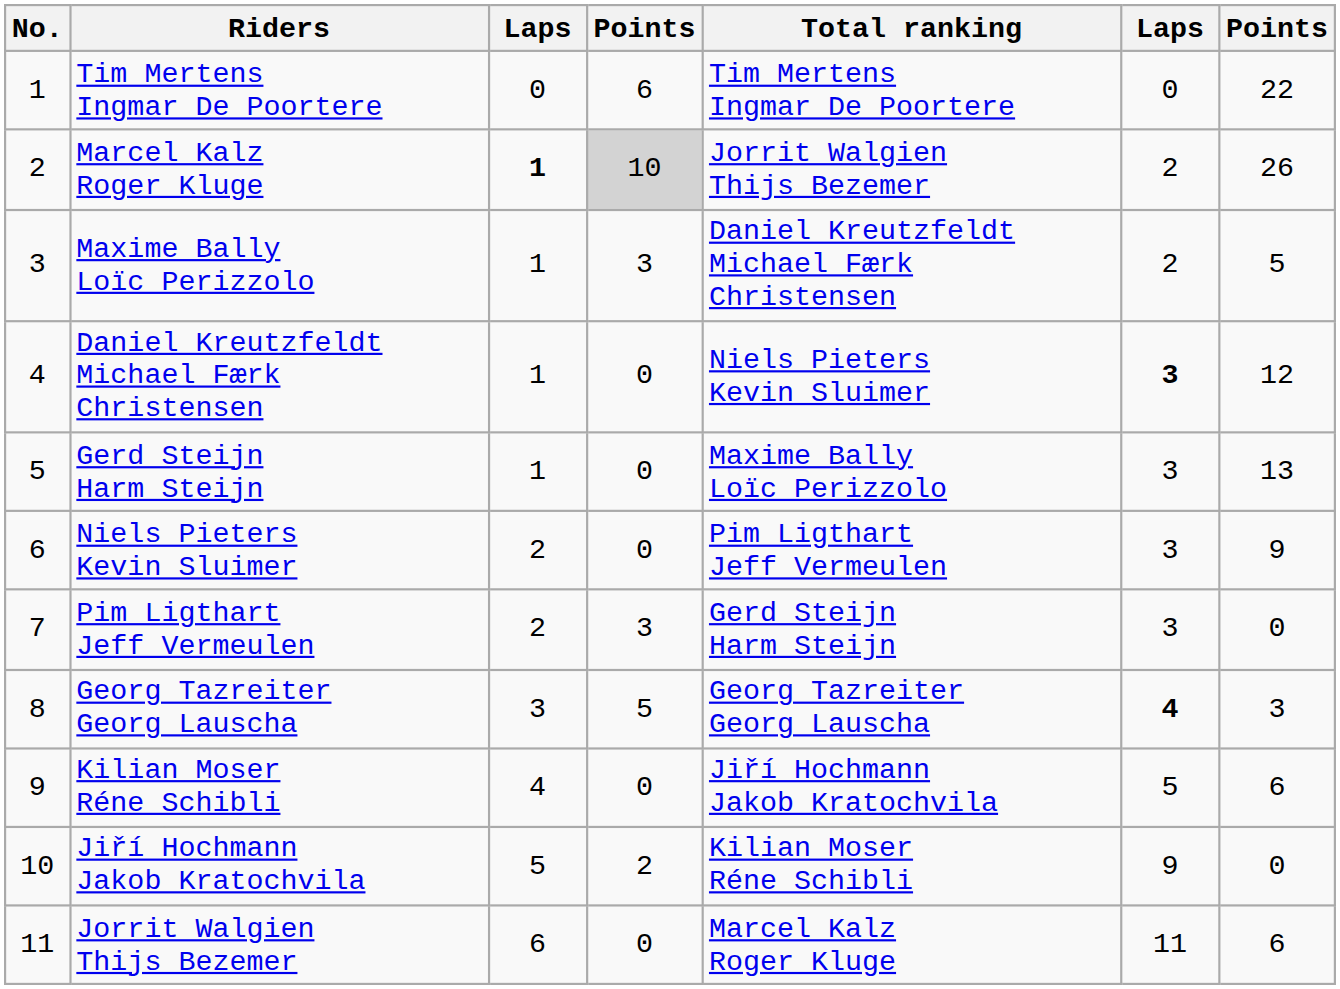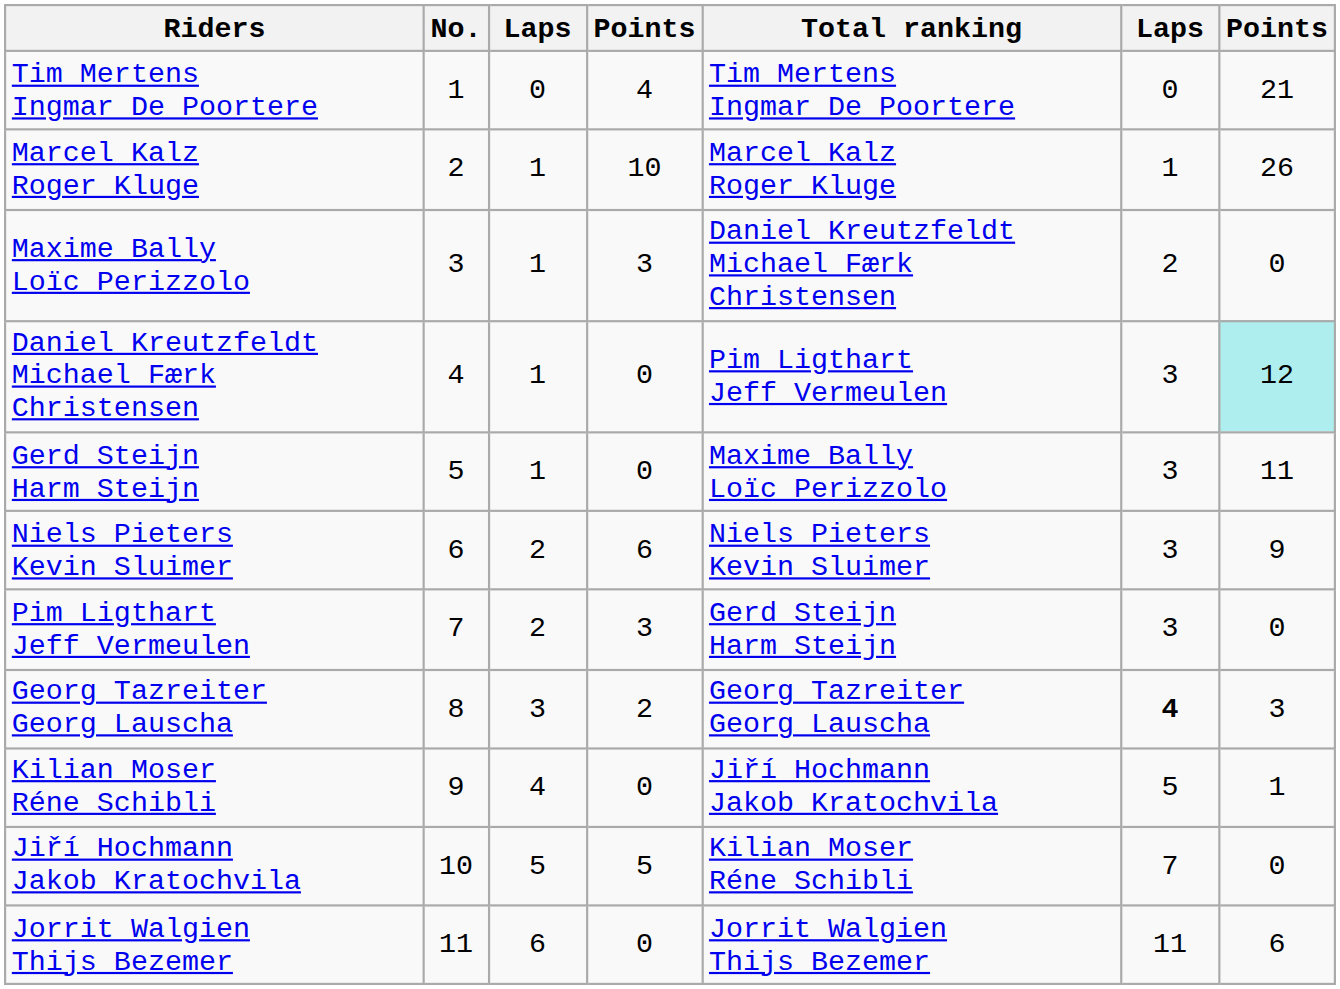 <table class="wikitable">
 <tr>
+<th width="200px">Riders</th>
 <th width="20px">No.</th>
-<th width="200px">Riders</th>
 <th width="40px">Laps</th>
 <th width="40px">Points</th>
 <th width="200px">Total ranking</th>
 <th width="40px">Laps</th>
 <th width="40px">Points</th>
 </tr>
 <tr align=center>
+<td align=left> <a href='#'>Tim Mertens</a><br>  <a href='#'>Ingmar De Poortere</a></td>
 <td>1</td>
+<td>0</td>
+<td>4</td>
 <td align=left> <a href='#'>Tim Mertens</a><br>  <a href='#'>Ingmar De Poortere</a></td>
 <td>0</td>
-<td>6</td>
-<td align=left> <a href='#'>Tim Mertens</a><br>  <a href='#'>Ingmar De Poortere</a></td>
-<td>0</td>
-<td>22</td>
+<td>21</td>
 </tr>
 <tr align=center>
+<td align=left> <a href='#'>Marcel Kalz</a><br>  <a href='#'>Roger Kluge</a></td>
 <td>2</td>
+<td>1</td>
+<td>10</td>
 <td align=left> <a href='#'>Marcel Kalz</a><br>  <a href='#'>Roger Kluge</a></td>
-<td><strong>1</strong></td>
-<td style="background: lightgrey;">10</td>
-<td align=left> <a href='#'>Jorrit Walgien</a><br>  <a href='#'>Thijs Bezemer</a></td>
-<td>2</td>
+<td>1</td>
 <td>26</td>
 </tr>
 <tr align=center>
+<td align=left> <a href='#'>Maxime Bally</a><br>  <a href='#'>Loïc Perizzolo</a></td>
 <td>3</td>
-<td align=left> <a href='#'>Maxime Bally</a><br>  <a href='#'>Loïc Perizzolo</a></td>
 <td>1</td>
 <td>3</td>
 <td align=left> <a href='#'>Daniel Kreutzfeldt</a><br>  <a href='#'>Michael Færk Christensen</a></td>
 <td>2</td>
-<td>5</td>
+<td>0</td>
 </tr>
 <tr align=center>
+<td align=left> <a href='#'>Daniel Kreutzfeldt</a><br>  <a href='#'>Michael Færk Christensen</a></td>
 <td>4</td>
-<td align=left> <a href='#'>Daniel Kreutzfeldt</a><br>  <a href='#'>Michael Færk Christensen</a></td>
 <td>1</td>
 <td>0</td>
-<td align=left> <a href='#'>Niels Pieters</a><br>  <a href='#'>Kevin Sluimer</a></td>
-<td><strong>3</strong></td>
-<td>12</td>
+<td align=left> <a href='#'>Pim Ligthart</a><br>  <a href='#'>Jeff Vermeulen</a></td>
+<td>3</td>
+<td style="background: paleturquoise;">12</td>
 </tr>
 <tr align=center>
+<td align=left> <a href='#'>Gerd Steijn</a><br>  <a href='#'>Harm Steijn</a></td>
 <td>5</td>
-<td align=left> <a href='#'>Gerd Steijn</a><br>  <a href='#'>Harm Steijn</a></td>
 <td>1</td>
 <td>0</td>
 <td align=left> <a href='#'>Maxime Bally</a><br>  <a href='#'>Loïc Perizzolo</a></td>
 <td>3</td>
-<td>13</td>
+<td>11</td>
 </tr>
 <tr align=center>
+<td align=left> <a href='#'>Niels Pieters</a><br>  <a href='#'>Kevin Sluimer</a></td>
+<td>6</td>
+<td>2</td>
 <td>6</td>
 <td align=left> <a href='#'>Niels Pieters</a><br>  <a href='#'>Kevin Sluimer</a></td>
-<td>2</td>
-<td>0</td>
-<td align=left> <a href='#'>Pim Ligthart</a><br>  <a href='#'>Jeff Vermeulen</a></td>
 <td>3</td>
 <td>9</td>
 </tr>
 <tr align=center>
+<td align=left> <a href='#'>Pim Ligthart</a><br>  <a href='#'>Jeff Vermeulen</a></td>
 <td>7</td>
-<td align=left> <a href='#'>Pim Ligthart</a><br>  <a href='#'>Jeff Vermeulen</a></td>
 <td>2</td>
 <td>3</td>
 <td align=left> <a href='#'>Gerd Steijn</a><br>  <a href='#'>Harm Steijn</a></td>
 <td>3</td>
 <td>0</td>
 </tr>
 <tr align=center>
+<td align=left> <a href='#'>Georg Tazreiter</a><br>  <a href='#'>Georg Lauscha</a></td>
 <td>8</td>
-<td align=left> <a href='#'>Georg Tazreiter</a><br>  <a href='#'>Georg Lauscha</a></td>
 <td>3</td>
-<td>5</td>
+<td>2</td>
 <td align=left> <a href='#'>Georg Tazreiter</a><br>  <a href='#'>Georg Lauscha</a></td>
 <td><strong>4</strong></td>
 <td>3</td>
 </tr>
 <tr align=center>
+<td align=left> <a href='#'>Kilian Moser</a><br>  <a href='#'>Réne Schibli</a></td>
 <td>9</td>
-<td align=left> <a href='#'>Kilian Moser</a><br>  <a href='#'>Réne Schibli</a></td>
 <td>4</td>
 <td>0</td>
 <td align=left> <a href='#'>Jiří Hochmann</a><br>  <a href='#'>Jakob Kratochvila</a></td>
 <td>5</td>
-<td>6</td>
+<td>1</td>
 </tr>
 <tr align=center>
+<td align=left> <a href='#'>Jiří Hochmann</a><br>  <a href='#'>Jakob Kratochvila</a></td>
 <td>10</td>
-<td align=left> <a href='#'>Jiří Hochmann</a><br>  <a href='#'>Jakob Kratochvila</a></td>
 <td>5</td>
-<td>2</td>
+<td>5</td>
 <td align=left> <a href='#'>Kilian Moser</a><br>  <a href='#'>Réne Schibli</a></td>
-<td>9</td>
+<td>7</td>
 <td>0</td>
 </tr>
 <tr align=center>
+<td align=left> <a href='#'>Jorrit Walgien</a><br>  <a href='#'>Thijs Bezemer</a></td>
 <td>11</td>
-<td align=left> <a href='#'>Jorrit Walgien</a><br>  <a href='#'>Thijs Bezemer</a></td>
 <td>6</td>
 <td>0</td>
-<td align=left> <a href='#'>Marcel Kalz</a><br>  <a href='#'>Roger Kluge</a></td>
+<td align=left> <a href='#'>Jorrit Walgien</a><br>  <a href='#'>Thijs Bezemer</a></td>
 <td>11</td>
 <td>6</td>
 </tr>
 </table>
